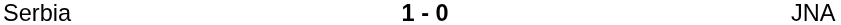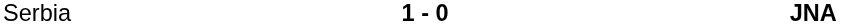 <table border=0 cellpadding=1 cellspacing=0 width=50% style="border-collapse:collapse">
 <tr align=center>
 <th width=33%></th>
 <th width=33%></th>
 <th width=33%></th>
 </tr>
 <tr align=center>
 <td>Serbia </td>
 <td><strong>1 - 0</strong></td>
-<td>JNA  </td>
+<td><strong>JNA  </strong></td>
 </tr>
 </table>
